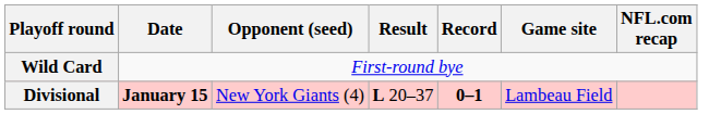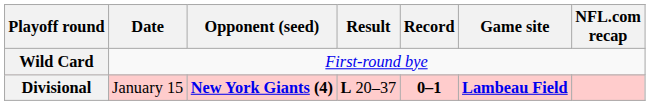 <table class="wikitable" style="text-align:center">
 <tr>
 <th>Playoff round</th>
 <th>Date</th>
 <th>Opponent (seed)</th>
 <th>Result</th>
 <th>Record</th>
 <th>Game site</th>
 <th>NFL.com<br>recap</th>
 </tr>
 <tr style="background:#">
 <th>Wild Card</th>
 <td style="text-align:center;" colspan="6"><em><a href='#'>First-round bye</a></em></td>
 </tr>
 <tr style="background:#fcc">
 <th>Divisional</th>
-<td style="text-align:center;"><strong>January 15</strong></td>
-<td style="text-align:center;"><a href='#'>New York Giants</a> (4)</td>
+<td style="text-align:center;">January 15</td>
+<td style="text-align:center;"><strong><a href='#'>New York Giants</a> (4)</strong></td>
 <td style="text-align:center;"><strong>L</strong> 20–37</td>
 <td style="text-align:center;"><strong>0–1</strong></td>
-<td style="text-align:center;"><a href='#'>Lambeau Field</a></td>
+<td style="text-align:center;"><strong><a href='#'>Lambeau Field</a></strong></td>
 <td></td>
 </tr>
 </table>
